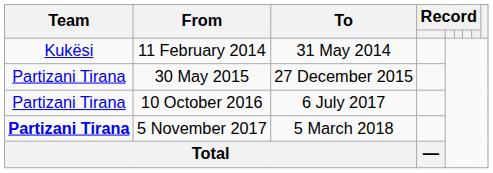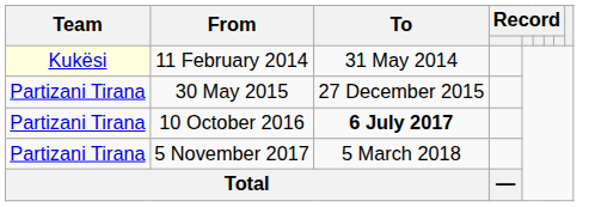 <table class="wikitable" style="text-align: center">
 <tr>
 <th rowspan="2">Team</th>
 <th rowspan="2">From</th>
 <th rowspan="2">To</th>
 <th colspan="5">Record</th>
 <th rowspan=2></th>
 </tr>
 <tr>
 <th></th>
 <th></th>
 <th></th>
 <th></th>
 <th></th>
 </tr>
 <tr>
-<td><a href='#'>Kukësi</a></td>
+<td style="background: lightyellow;"><a href='#'>Kukësi</a></td>
 <td>11 February 2014</td>
 <td>31 May 2014<br></td>
 <td></td>
 </tr>
 <tr>
 <td><a href='#'>Partizani Tirana</a></td>
 <td>30 May 2015</td>
 <td>27 December 2015<br></td>
 <td></td>
 </tr>
 <tr>
 <td><a href='#'>Partizani Tirana</a></td>
 <td>10 October 2016</td>
-<td>6 July 2017<br></td>
+<td><strong>6 July 2017<br></strong></td>
 <td></td>
 </tr>
 <tr>
-<td><strong><a href='#'>Partizani Tirana</a></strong></td>
+<td><a href='#'>Partizani Tirana</a></td>
 <td>5 November 2017</td>
 <td>5 March 2018<br></td>
 <td></td>
 </tr>
 <tr>
 <th colspan="3">Total<br></th>
 <th>—</th>
 </tr>
 </table>
